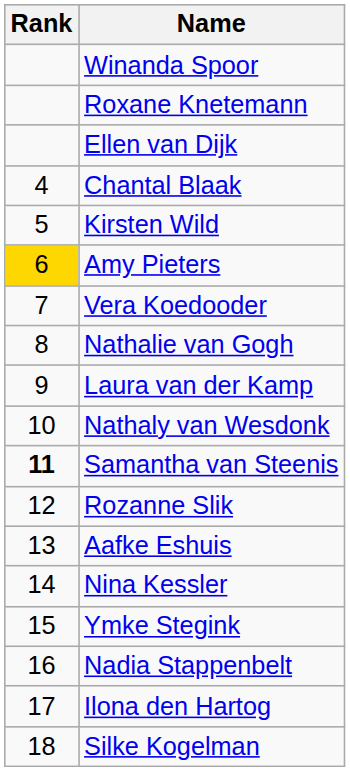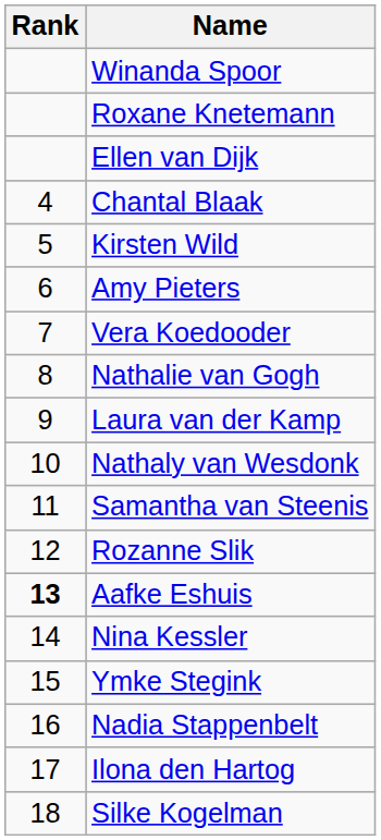 <table class="wikitable sortable" style="text-align:center">
 <tr>
 <th>Rank</th>
 <th>Name</th>
 </tr>
 <tr>
 <td></td>
 <td align=left><a href='#'>Winanda Spoor</a></td>
 </tr>
 <tr>
 <td></td>
 <td align=left><a href='#'>Roxane Knetemann</a></td>
 </tr>
 <tr>
 <td></td>
 <td align=left><a href='#'>Ellen van Dijk</a></td>
 </tr>
 <tr>
 <td>4</td>
 <td align=left><a href='#'>Chantal Blaak</a></td>
 </tr>
 <tr>
 <td>5</td>
 <td align=left><a href='#'>Kirsten Wild</a></td>
 </tr>
 <tr>
-<td style="background: gold;">6</td>
+<td>6</td>
 <td align=left><a href='#'>Amy Pieters</a></td>
 </tr>
 <tr>
 <td>7</td>
 <td align=left><a href='#'>Vera Koedooder</a></td>
 </tr>
 <tr>
 <td>8</td>
 <td align=left><a href='#'>Nathalie van Gogh</a></td>
 </tr>
 <tr>
 <td>9</td>
 <td align=left><a href='#'>Laura van der Kamp</a></td>
 </tr>
 <tr>
 <td>10</td>
 <td align=left><a href='#'>Nathaly van Wesdonk</a></td>
 </tr>
 <tr>
-<td><strong>11</strong></td>
+<td>11</td>
 <td align=left><a href='#'>Samantha van Steenis</a></td>
 </tr>
 <tr>
 <td>12</td>
 <td align=left><a href='#'>Rozanne Slik</a></td>
 </tr>
 <tr>
-<td>13</td>
+<td><strong>13</strong></td>
 <td align=left><a href='#'>Aafke Eshuis</a></td>
 </tr>
 <tr>
 <td>14</td>
 <td align=left><a href='#'>Nina Kessler</a></td>
 </tr>
 <tr>
 <td>15</td>
 <td align=left><a href='#'>Ymke Stegink</a></td>
 </tr>
 <tr>
 <td>16</td>
 <td align=left><a href='#'>Nadia Stappenbelt</a></td>
 </tr>
 <tr>
 <td>17</td>
 <td align=left><a href='#'>Ilona den Hartog</a></td>
 </tr>
 <tr>
 <td>18</td>
 <td align=left><a href='#'>Silke Kogelman</a></td>
 </tr>
 </table>
